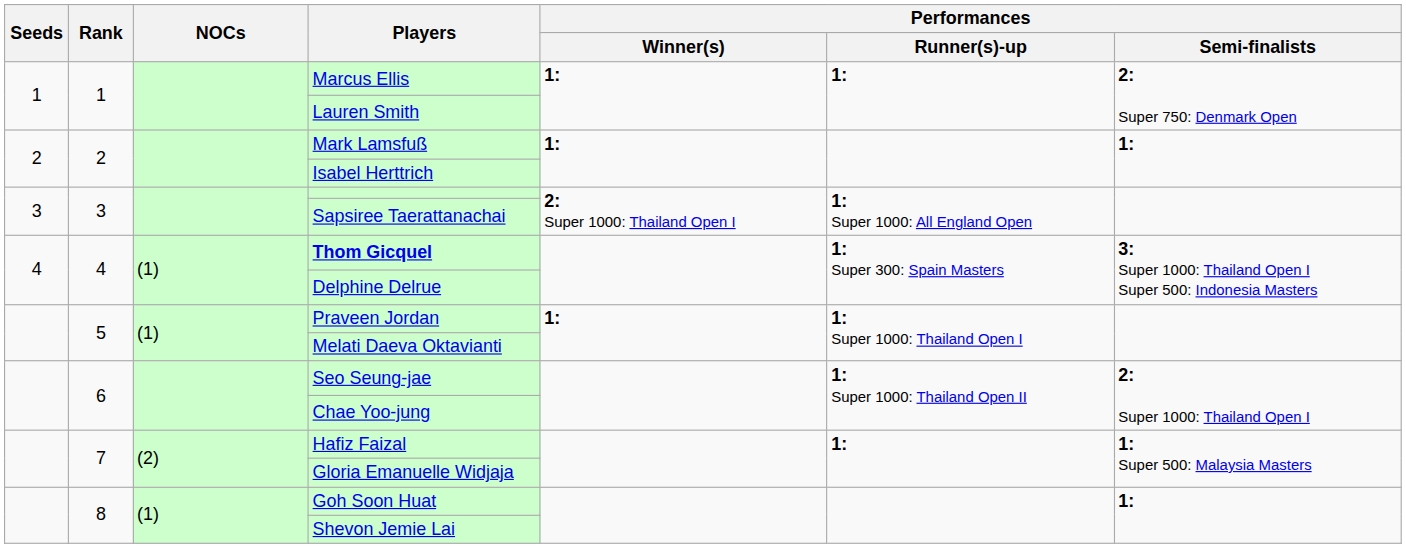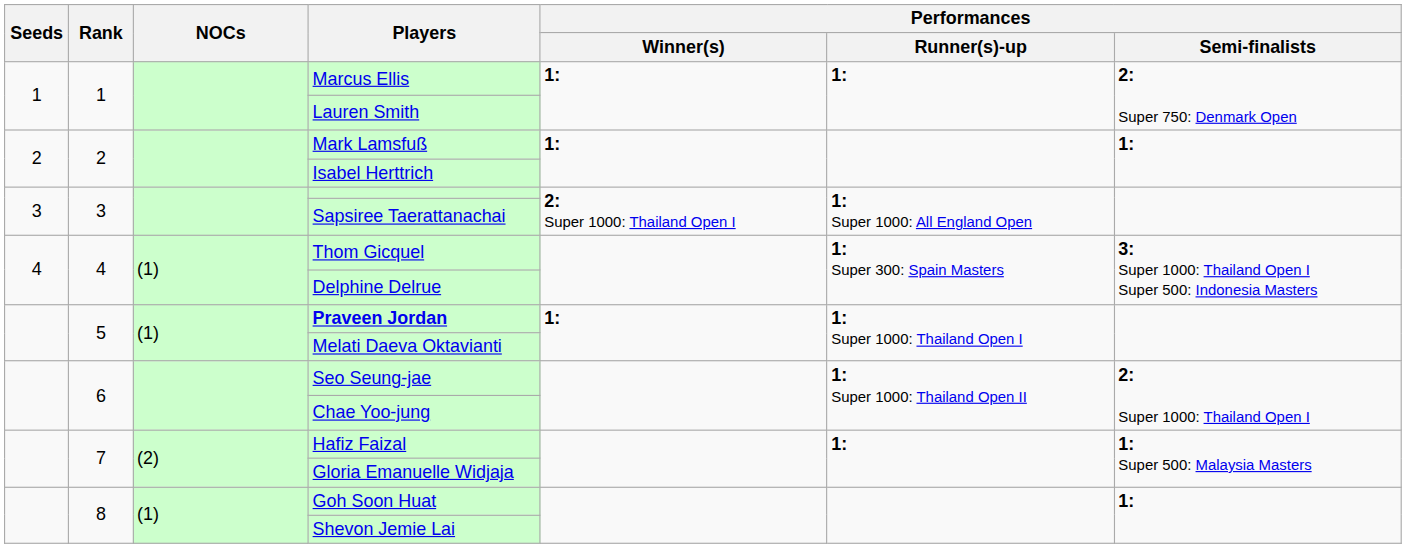 <table class="wikitable">
 <tr>
 <th rowspan="2" width="50">Seeds</th>
 <th rowspan="2" width="50">Rank</th>
 <th rowspan="2" width="150">NOCs</th>
 <th rowspan="2" width="200">Players</th>
 <th colspan="3">Performances</th>
 </tr>
 <tr>
 <th width="250">Winner(s)</th>
 <th width="250">Runner(s)-up</th>
 <th width="250">Semi-finalists</th>
 </tr>
 <tr>
 <td align="center" rowspan="2">1</td>
 <td align="center" rowspan="2">1</td>
 <td bgcolor="#ccffcc" rowspan="2"></td>
 <td bgcolor="#ccffcc"><a href='#'>Marcus Ellis</a></td>
 <td rowspan="2" valign="top"><strong>1:</strong><br><small> </small></td>
 <td rowspan="2" valign="top"><strong>1:</strong><br><small></small></td>
 <td rowspan="2" valign="top"><strong>2:</strong><br><small> <br>Super 750: <a href='#'>Denmark Open</a></small></td>
 </tr>
 <tr>
 <td bgcolor="#ccffcc"><a href='#'>Lauren Smith</a></td>
 </tr>
 <tr>
 <td align="center" rowspan="2">2</td>
 <td align="center" rowspan="2">2</td>
 <td bgcolor="#ccffcc" rowspan="2"></td>
 <td bgcolor="#ccffcc"><a href='#'>Mark Lamsfuß</a></td>
 <td rowspan="2" valign="top"><strong>1:</strong><br><small> </small></td>
 <td rowspan="2" valign="top"></td>
 <td rowspan="2" valign="top"><strong>1:</strong><br><small></small></td>
 </tr>
 <tr>
 <td bgcolor="#ccffcc"><a href='#'>Isabel Herttrich</a></td>
 </tr>
 <tr>
 <td align="center" rowspan="2">3</td>
 <td align="center" rowspan="2">3</td>
 <td bgcolor="#ccffcc" rowspan="2"></td>
 <td bgcolor="#ccffcc"></td>
 <td rowspan="2" valign="top"><strong>2:</strong><br><small>Super 1000: <a href='#'>Thailand Open I</a><br>  </small></td>
 <td rowspan="2" valign="top"><strong>1:</strong><br><small>Super 1000: <a href='#'>All England Open</a></small></td>
 <td rowspan="2" valign="top"></td>
 </tr>
 <tr>
 <td bgcolor="#ccffcc"><a href='#'>Sapsiree Taerattanachai</a></td>
 </tr>
 <tr>
 <td align="center" rowspan="2">4</td>
 <td align="center" rowspan="2">4</td>
 <td bgcolor="#ccffcc" rowspan="2"> (1)</td>
-<td bgcolor="#ccffcc"><strong><a href='#'>Thom Gicquel</a></strong></td>
+<td bgcolor="#ccffcc"><a href='#'>Thom Gicquel</a></td>
 <td rowspan="2" valign="top"></td>
 <td rowspan="2" valign="top"><strong>1:</strong><br><small>Super 300: <a href='#'>Spain Masters</a></small></td>
 <td rowspan="2" valign="top"><strong>3:</strong><br><small>Super 1000: <a href='#'>Thailand Open I</a><br> Super 500: <a href='#'>Indonesia Masters</a><br> </small></td>
 </tr>
 <tr>
 <td bgcolor="#ccffcc"><a href='#'>Delphine Delrue</a></td>
 </tr>
 <tr>
 <td align="center" rowspan="2"></td>
 <td align="center" rowspan="2">5</td>
 <td bgcolor="#ccffcc" rowspan="2"> (1)</td>
-<td bgcolor="#ccffcc"><a href='#'>Praveen Jordan</a></td>
+<td bgcolor="#ccffcc"><strong><a href='#'>Praveen Jordan</a></strong></td>
 <td rowspan="2" valign="top"><strong>1:</strong><br><small> </small></td>
 <td rowspan="2" valign="top"><strong>1:</strong><br><small>Super 1000: <a href='#'>Thailand Open I</a></small></td>
 <td rowspan="2" valign="top"></td>
 </tr>
 <tr>
 <td bgcolor="#ccffcc"><a href='#'>Melati Daeva Oktavianti</a></td>
 </tr>
 <tr>
 <td align="center" rowspan="2"></td>
 <td align="center" rowspan="2">6</td>
 <td bgcolor="#ccffcc" rowspan="2"></td>
 <td bgcolor="#ccffcc"><a href='#'>Seo Seung-jae</a></td>
 <td rowspan="2" valign="top"></td>
 <td rowspan="2" valign="top"><strong>1:</strong><br><small>Super 1000: <a href='#'>Thailand Open II</a></small></td>
 <td rowspan="2" valign="top"><strong>2:</strong><br><small> <br>Super 1000: <a href='#'>Thailand Open I</a></small></td>
 </tr>
 <tr>
 <td bgcolor="#ccffcc"><a href='#'>Chae Yoo-jung</a></td>
 </tr>
 <tr>
 <td align="center" rowspan="2"></td>
 <td align="center" rowspan="2">7</td>
 <td bgcolor="#ccffcc" rowspan="2"> (2)</td>
 <td bgcolor="#ccffcc"><a href='#'>Hafiz Faizal</a></td>
 <td rowspan="2" valign="top"></td>
 <td rowspan="2" valign="top"><strong>1:</strong><br><small> </small></td>
 <td rowspan="2" valign="top"><strong>1:</strong><br><small>Super 500: <a href='#'>Malaysia Masters</a></small></td>
 </tr>
 <tr>
 <td bgcolor="#ccffcc"><a href='#'>Gloria Emanuelle Widjaja</a></td>
 </tr>
 <tr>
 <td align="center" rowspan="2"></td>
 <td align="center" rowspan="2">8</td>
 <td bgcolor="#ccffcc" rowspan="2"> (1)</td>
 <td bgcolor="#ccffcc"><a href='#'>Goh Soon Huat</a></td>
 <td rowspan="2" valign="top"></td>
 <td rowspan="2" valign="top"></td>
 <td rowspan="2" valign="top"><strong>1:</strong><br><small> </small></td>
 </tr>
 <tr>
 <td bgcolor="#ccffcc"><a href='#'>Shevon Jemie Lai</a></td>
 </tr>
 </table>
